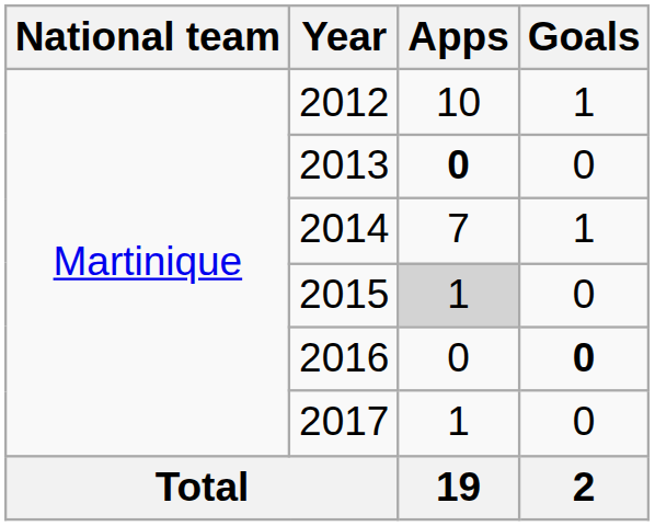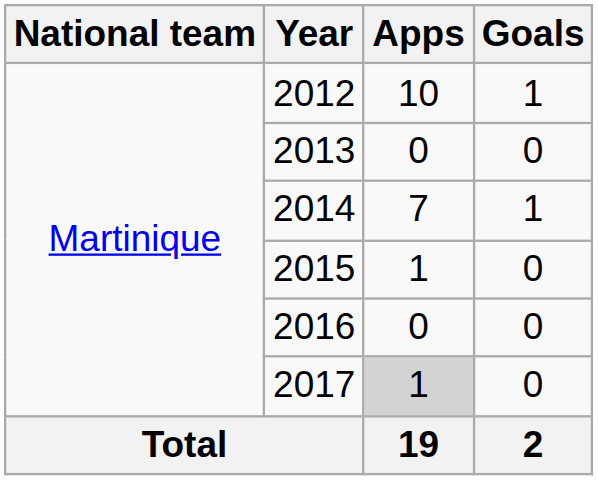 <table class="wikitable" style="text-align:center">
 <tr>
 <th>National team</th>
 <th>Year</th>
 <th>Apps</th>
 <th>Goals</th>
 </tr>
 <tr>
 <td rowspan="6"><a href='#'>Martinique</a></td>
 <td>2012</td>
 <td>10</td>
 <td>1</td>
 </tr>
 <tr>
 <td>2013</td>
-<td><strong>0</strong></td>
+<td>0</td>
 <td>0</td>
 </tr>
 <tr>
 <td>2014</td>
 <td>7</td>
 <td>1</td>
 </tr>
 <tr>
 <td>2015</td>
-<td style="background: lightgrey;">1</td>
+<td>1</td>
 <td>0</td>
 </tr>
 <tr>
 <td>2016</td>
 <td>0</td>
-<td><strong>0</strong></td>
+<td>0</td>
 </tr>
 <tr>
 <td>2017</td>
-<td>1</td>
+<td style="background: lightgrey;">1</td>
 <td>0</td>
 </tr>
 <tr>
 <th colspan=2>Total</th>
 <th>19</th>
 <th>2</th>
 </tr>
 </table>
